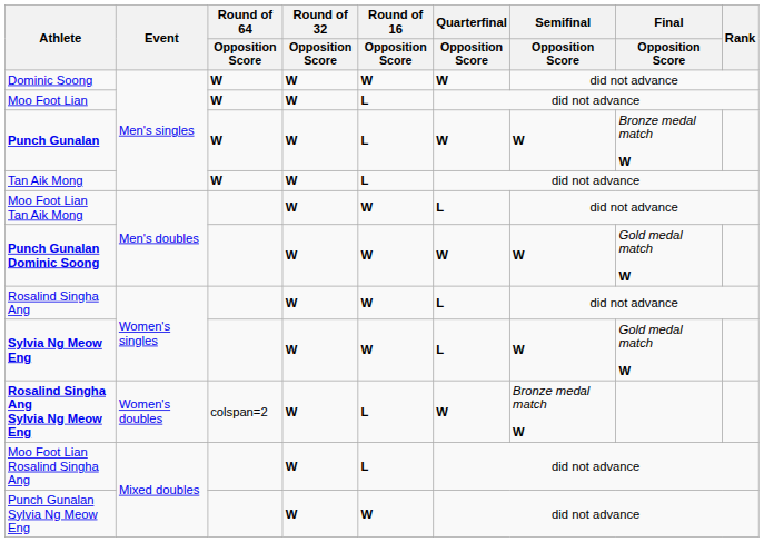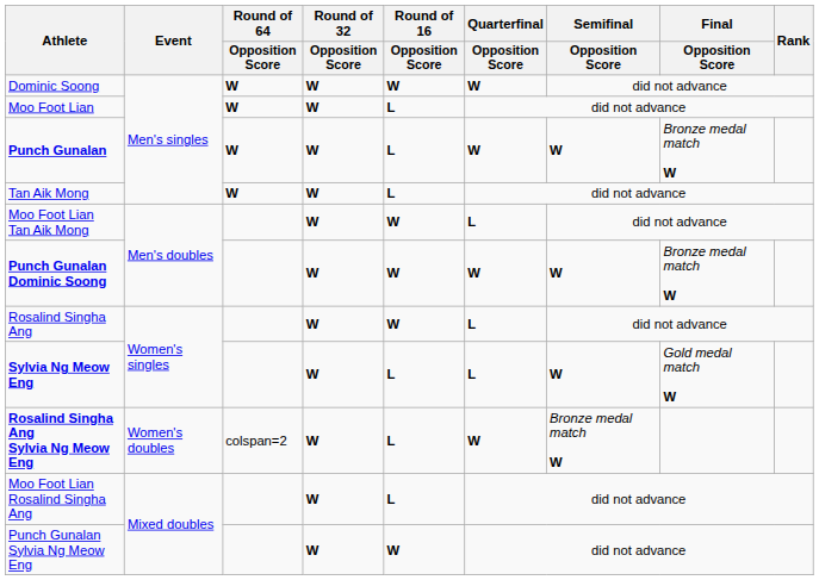 <table class="wikitable" style="font-size:90%">
 <tr>
 <th rowspan=2>Athlete</th>
 <th rowspan=2>Event</th>
 <th>Round of 64</th>
 <th>Round of 32</th>
 <th>Round of 16</th>
 <th>Quarterfinal</th>
 <th>Semifinal</th>
 <th>Final</th>
 <th rowspan=2>Rank</th>
 </tr>
 <tr style="font-size:95%">
 <th>Opposition<br>Score</th>
 <th>Opposition<br>Score</th>
 <th>Opposition<br>Score</th>
 <th>Opposition<br>Score</th>
 <th>Opposition<br>Score</th>
 <th>Opposition<br>Score</th>
 </tr>
 <tr>
 <td><a href='#'>Dominic Soong</a></td>
 <td rowspan=4><a href='#'>Men's singles</a></td>
 <td><strong>W</strong></td>
 <td><strong>W</strong></td>
 <td><strong>W</strong></td>
 <td><strong>W</strong></td>
 <td align=center colspan=3>did not advance</td>
 </tr>
 <tr>
 <td><a href='#'>Moo Foot Lian</a></td>
 <td><strong>W</strong></td>
 <td><strong>W</strong></td>
 <td><strong>L</strong></td>
 <td align=center colspan=4>did not advance</td>
 </tr>
 <tr>
 <td><strong><a href='#'>Punch Gunalan</a></strong></td>
 <td><strong>W</strong></td>
 <td><strong>W</strong></td>
 <td><strong>L</strong></td>
 <td><strong>W</strong></td>
 <td><strong>W</strong></td>
 <td><em>Bronze medal match</em><br><br><strong>W</strong></td>
 <td align=center></td>
 </tr>
 <tr>
 <td><a href='#'>Tan Aik Mong</a></td>
 <td><strong>W</strong></td>
 <td><strong>W</strong></td>
 <td><strong>L</strong></td>
 <td align=center colspan=4>did not advance</td>
 </tr>
 <tr>
 <td><a href='#'>Moo Foot Lian</a><br><a href='#'>Tan Aik Mong</a></td>
 <td rowspan=2><a href='#'>Men's doubles</a></td>
 <td></td>
 <td><strong>W</strong></td>
 <td><strong>W</strong></td>
 <td><strong>L</strong></td>
 <td align=center colspan=3>did not advance</td>
 </tr>
 <tr>
 <td><strong><a href='#'>Punch Gunalan</a><br><a href='#'>Dominic Soong</a></strong></td>
 <td></td>
 <td><strong>W</strong></td>
 <td><strong>W</strong></td>
 <td><strong>W</strong></td>
 <td><strong>W</strong></td>
-<td><em>Gold medal match</em><br><br><strong>W</strong></td>
+<td><em>Bronze medal match</em><br><br><strong>W</strong></td>
 <td align=center></td>
 </tr>
 <tr>
 <td><a href='#'>Rosalind Singha Ang</a></td>
 <td rowspan=2><a href='#'>Women's singles</a></td>
 <td></td>
 <td><strong>W</strong></td>
 <td><strong>W</strong></td>
 <td><strong>L</strong></td>
 <td align=center colspan=3>did not advance</td>
 </tr>
 <tr>
 <td><strong><a href='#'>Sylvia Ng Meow Eng</a></strong></td>
 <td></td>
 <td><strong>W</strong></td>
-<td><strong>W</strong></td>
+<td><strong>L</strong></td>
 <td><strong>L</strong></td>
 <td><strong>W</strong></td>
 <td><em>Gold medal match</em><br><br><strong>W</strong></td>
 <td align=center></td>
 </tr>
 <tr>
 <td><strong><a href='#'>Rosalind Singha Ang</a><br><a href='#'>Sylvia Ng Meow Eng</a></strong></td>
 <td><a href='#'>Women's doubles</a></td>
 <td>colspan=2 </td>
 <td><strong>W</strong></td>
 <td><strong>L</strong></td>
 <td><strong>W</strong></td>
 <td><em>Bronze medal match</em><br><br><strong>W</strong></td>
 <td align=center></td>
 </tr>
 <tr>
 <td><a href='#'>Moo Foot Lian</a><br><a href='#'>Rosalind Singha Ang</a></td>
 <td rowspan=2><a href='#'>Mixed doubles</a></td>
 <td></td>
 <td><strong>W</strong></td>
 <td><strong>L</strong></td>
 <td align=center colspan=4>did not advance</td>
 </tr>
 <tr>
 <td><a href='#'>Punch Gunalan</a><br><a href='#'>Sylvia Ng Meow Eng</a></td>
 <td></td>
 <td><strong>W</strong></td>
 <td><strong>W</strong></td>
 <td align=center colspan=4>did not advance</td>
 </tr>
 </table>
